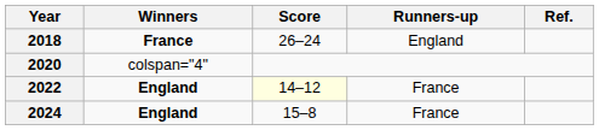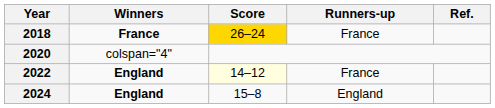 <table class="wikitable" style="font-size:100%;text-align:center;width:100%">
 <tr>
 <th>Year</th>
 <th>Winners</th>
 <th>Score</th>
 <th>Runners-up</th>
 <th>Ref.</th>
 </tr>
 <tr>
 <th> 2018</th>
 <td> <strong>France</strong></td>
-<td>26–24</td>
-<td> England</td>
+<td style="background: gold;">26–24</td>
+<td> France</td>
 <td></td>
 </tr>
 <tr>
 <th> 2020</th>
 <td>colspan="4"</td>
 </tr>
 <tr>
 <th> 2022</th>
 <td> <strong>England</strong></td>
 <td style="background: lightyellow;">14–12</td>
 <td> France</td>
 <td></td>
 </tr>
 <tr>
 <th> 2024</th>
 <td> <strong>England</strong></td>
 <td>15–8</td>
-<td> France</td>
+<td> England</td>
 <td></td>
 </tr>
 </table>
